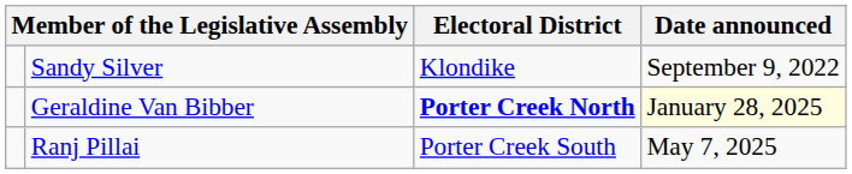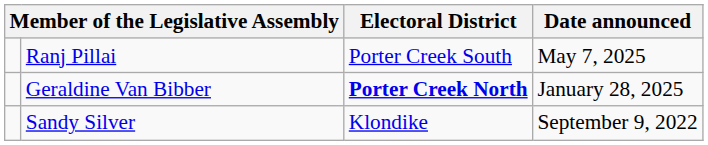 <table class="wikitable">
 <tr>
 <th colspan="2">Member of the Legislative Assembly</th>
 <th>Electoral District</th>
 <th>Date announced</th>
 </tr>
 <tr>
 <td style="background:"></td>
-<td><a href='#'>Sandy Silver</a></td>
-<td><a href='#'>Klondike</a></td>
-<td>September 9, 2022</td>
+<td><a href='#'>Ranj Pillai</a></td>
+<td><a href='#'>Porter Creek South</a></td>
+<td>May 7, 2025</td>
 </tr>
 <tr>
 <td style="background:"></td>
 <td><a href='#'>Geraldine Van Bibber</a></td>
 <td><strong><a href='#'>Porter Creek North</a></strong></td>
-<td style="background: lightyellow;">January 28, 2025</td>
+<td>January 28, 2025</td>
 </tr>
 <tr>
 <td style="background:"></td>
-<td><a href='#'>Ranj Pillai</a></td>
-<td><a href='#'>Porter Creek South</a></td>
-<td>May 7, 2025</td>
+<td><a href='#'>Sandy Silver</a></td>
+<td><a href='#'>Klondike</a></td>
+<td>September 9, 2022</td>
 </tr>
 </table>
